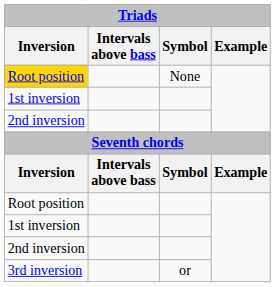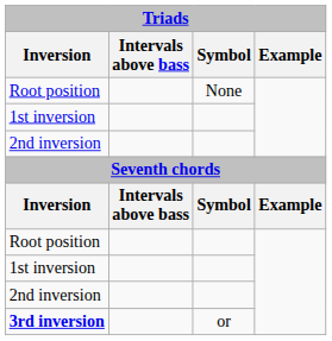 <table class="wikitable floatright">
 <tr>
 <th colspan="4" style="background: Silver"><a href='#'>Triads</a></th>
 </tr>
 <tr>
 <th align="center">Inversion</th>
 <th align="center">Intervals<br>above <a href='#'>bass</a></th>
 <th align="center">Symbol</th>
 <th align="center">Example</th>
 </tr>
 <tr>
-<td style="background: gold;"><a href='#'>Root position</a></td>
+<td><a href='#'>Root position</a></td>
 <td align="center"></td>
 <td align="center">None</td>
 <td rowspan="3" align="center"></td>
 </tr>
 <tr>
 <td><a href='#'>1st inversion</a></td>
 <td align="center"></td>
 <td align="center"></td>
 </tr>
 <tr>
 <td><a href='#'>2nd inversion</a></td>
 <td align="center"></td>
 <td align="center"></td>
 </tr>
 <tr>
 <th colspan="4" style="background: Silver"><a href='#'>Seventh chords</a></th>
 </tr>
 <tr>
 <th align="center">Inversion</th>
 <th align="center">Intervals<br>above bass</th>
 <th align="center">Symbol</th>
 <th align="center">Example</th>
 </tr>
 <tr>
 <td>Root position</td>
 <td align="center"></td>
 <td align="center"></td>
 <td rowspan="4" align="center"></td>
 </tr>
 <tr>
 <td>1st inversion</td>
 <td align="center"></td>
 <td align="center"></td>
 </tr>
 <tr>
 <td>2nd inversion</td>
 <td align="center"></td>
 <td align="center"></td>
 </tr>
 <tr>
-<td><a href='#'>3rd inversion</a></td>
+<td><strong><a href='#'>3rd inversion</a></strong></td>
 <td align="center"></td>
 <td align="center"> or </td>
 </tr>
 </table>
